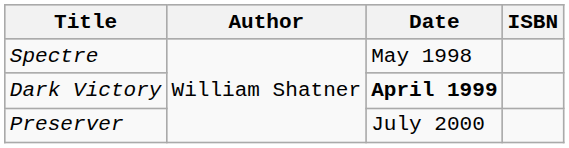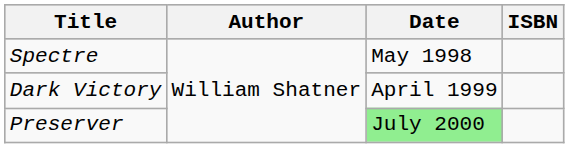 <table class="wikitable">
 <tr>
 <th>Title</th>
 <th>Author</th>
 <th>Date</th>
 <th>ISBN</th>
 </tr>
 <tr>
 <td><em>Spectre</em></td>
 <td rowspan="3">William Shatner</td>
 <td>May 1998</td>
 <td></td>
 </tr>
 <tr>
 <td><em>Dark Victory</em></td>
-<td><strong>April 1999</strong></td>
+<td>April 1999</td>
 <td></td>
 </tr>
 <tr>
 <td><em>Preserver</em></td>
-<td>July 2000</td>
+<td style="background: lightgreen;">July 2000</td>
 <td></td>
 </tr>
 </table>
